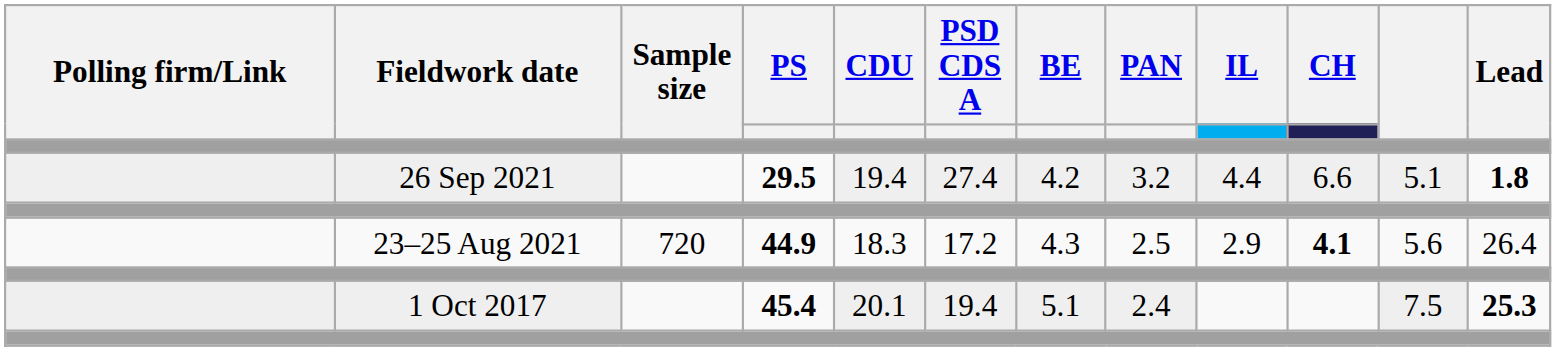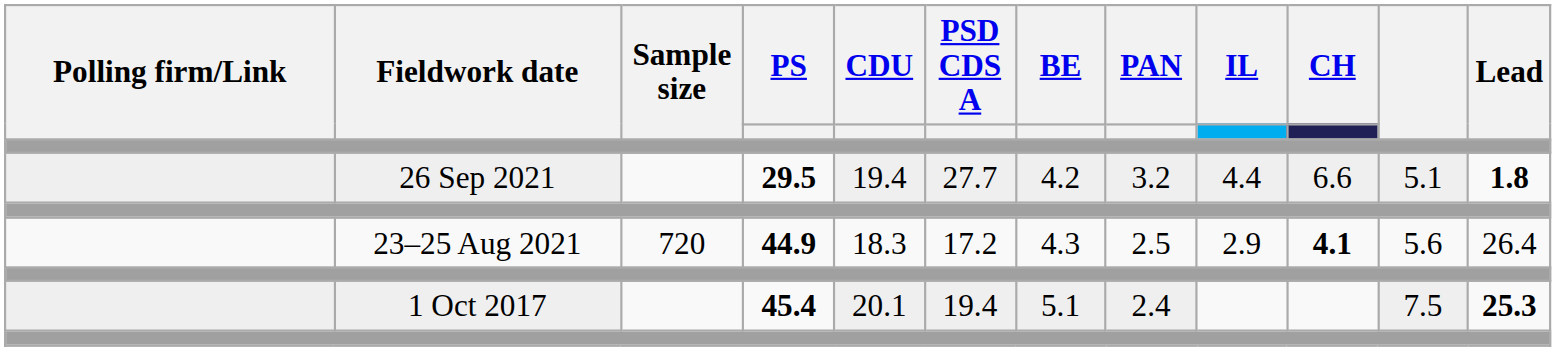 <table class="wikitable sortable mw-datatable" style="text-align:center;font-size:90%;line-height:16px;">
 <tr style="height:42px;">
 <th style="width:145px;" rowspan="2">Polling firm/Link</th>
 <th style="width:125px;" rowspan="2">Fieldwork date</th>
 <th class="unsortable" style="width:50px;" rowspan="2">Sample size</th>
 <th class="unsortable" style="width:35px;"><a href='#'>PS</a></th>
 <th class="unsortable" style="width:35px;"><a href='#'>CDU</a></th>
 <th class="unsortable" style="width:35px;"><a href='#'>PSD</a><br><a href='#'>CDS</a><br><a href='#'>A</a></th>
 <th class="unsortable" style="width:35px;"><a href='#'>BE</a></th>
 <th class="unsortable" style="width:35px;"><a href='#'>PAN</a></th>
 <th class="unsortable" style="width:35px;"><a href='#'>IL</a></th>
 <th class="unsortable" style="width:35px;"><a href='#'>CH</a></th>
 <th class="unsortable" style="width:35px;" rowspan="2"></th>
 <th class="unsortable" style="width:30px;" rowspan="2">Lead</th>
 </tr>
 <tr>
 <th class="unsortable" style="color:inherit;background:"></th>
 <th class="unsortable" style="color:inherit;background:"></th>
 <th class="unsortable" style="color:inherit;background:"></th>
 <th class="unsortable" style="color:inherit;background:"></th>
 <th class="sortable" style="background:"></th>
 <th class="sortable" style="background:#00ADEF;"></th>
 <th class="sortable" style="background:#202056;"></th>
 </tr>
 <tr>
 <td colspan="13" style="background:#A0A0A0"></td>
 </tr>
 <tr>
 <td style="background:#EFEFEF;"><strong></strong></td>
 <td style="background:#EFEFEF;" data-sort-value="2019-10-06">26 Sep 2021</td>
 <td></td>
 <td><strong>29.5</strong><br></td>
 <td style="background:#EFEFEF;">19.4<br></td>
-<td style="background:#EFEFEF;">27.4<br></td>
+<td style="background:#EFEFEF;">27.7<br></td>
 <td style="background:#EFEFEF;">4.2<br></td>
 <td style="background:#EFEFEF;">3.2<br></td>
 <td style="background:#EFEFEF;">4.4<br></td>
 <td style="background:#EFEFEF;">6.6<br></td>
 <td style="background:#EFEFEF;">5.1<br></td>
 <td style="background:"><strong>1.8</strong></td>
 </tr>
 <tr>
 <td colspan="13" style="background:#A0A0A0"></td>
 </tr>
 <tr>
 <td align="center"><br></td>
 <td align="center">23–25 Aug 2021</td>
 <td align="center">720</td>
 <td align="center" ><strong>44.9</strong><br></td>
 <td align="center">18.3<br></td>
 <td align="center">17.2<br></td>
 <td align="center">4.3<br></td>
 <td align="center">2.5<br></td>
 <td align="center">2.9<br></td>
 <td align="center"><strong>4.1<br></strong></td>
 <td align="center">5.6<br></td>
 <td style="background:">26.4</td>
 </tr>
 <tr>
 <td colspan="13" style="background:#A0A0A0"></td>
 </tr>
 <tr>
 <td style="background:#EFEFEF;"><strong></strong></td>
 <td style="background:#EFEFEF;" data-sort-value="2019-10-06">1 Oct 2017</td>
 <td></td>
 <td><strong>45.4</strong><br></td>
 <td style="background:#EFEFEF;">20.1<br></td>
 <td style="background:#EFEFEF;">19.4<br></td>
 <td style="background:#EFEFEF;">5.1<br></td>
 <td style="background:#EFEFEF;">2.4<br></td>
 <td></td>
 <td></td>
 <td style="background:#EFEFEF;">7.5<br></td>
 <td style="background:"><strong>25.3</strong></td>
 </tr>
 <tr>
 <td colspan="13" style="background:#A0A0A0"></td>
 </tr>
 </table>
